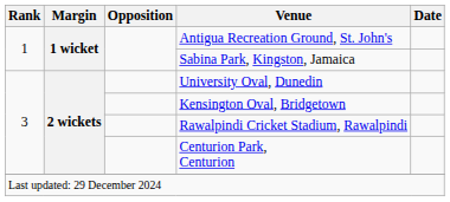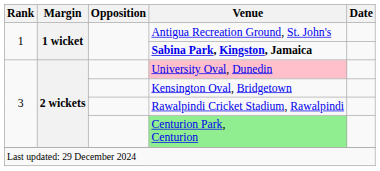 <table class="wikitable plainrowheaders sortable">
 <tr>
 <th scope="col">Rank</th>
 <th scope="col">Margin</th>
 <th scope="col">Opposition</th>
 <th scope="col">Venue</th>
 <th scope="col">Date</th>
 </tr>
 <tr>
 <td align=center rowspan=2>1</td>
 <th scope="row" style="text-align:center;" rowspan=2>1 wicket</th>
 <td rowspan=2></td>
 <td><a href='#'>Antigua Recreation Ground</a>, <a href='#'>St. John's</a></td>
 <td></td>
 </tr>
 <tr>
-<td><a href='#'>Sabina Park</a>, <a href='#'>Kingston</a>, Jamaica</td>
+<td><strong><a href='#'>Sabina Park</a>, <a href='#'>Kingston</a>, Jamaica</strong></td>
 <td></td>
 </tr>
 <tr>
 <td align=center rowspan=4>3</td>
 <th scope="row" style="text-align:center;" rowspan=4>2 wickets</th>
 <td></td>
-<td><a href='#'>University Oval</a>, <a href='#'>Dunedin</a></td>
+<td style="background: pink;"><a href='#'>University Oval</a>, <a href='#'>Dunedin</a></td>
 <td></td>
 </tr>
 <tr>
 <td></td>
 <td><a href='#'>Kensington Oval</a>, <a href='#'>Bridgetown</a></td>
 <td></td>
 </tr>
 <tr>
 <td></td>
 <td><a href='#'>Rawalpindi Cricket Stadium</a>, <a href='#'>Rawalpindi</a></td>
 <td></td>
 </tr>
 <tr>
 <td></td>
-<td><a href='#'>Centurion Park</a>,<br><a href='#'>Centurion</a></td>
+<td style="background: lightgreen;"><a href='#'>Centurion Park</a>,<br><a href='#'>Centurion</a></td>
 <td><br></td>
 </tr>
 <tr>
 </tr>
 <tr class=sortbottom>
 <td colspan=5><small>Last updated: 29 December 2024</small></td>
 </tr>
 </table>
